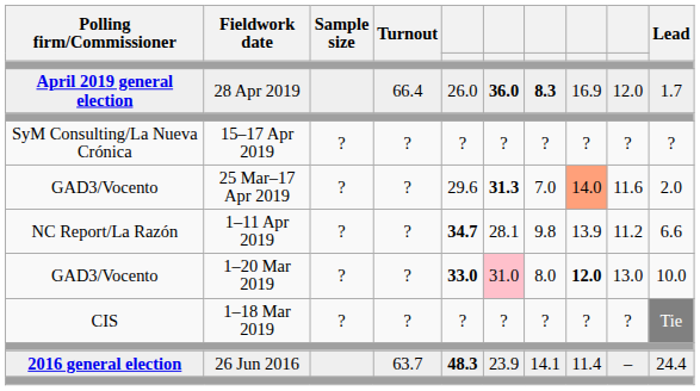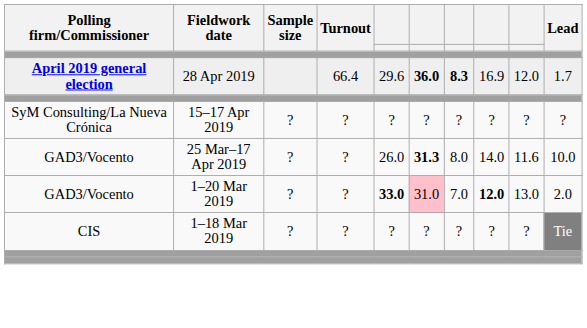 <table class="wikitable collapsible collapsed" style="text-align:center; font-size:95%; line-height:16px;">
 <tr style="height:42px;">
 <th style="width:250px;" rowspan="2">Polling firm/Commissioner</th>
 <th style="width:125px;" rowspan="2">Fieldwork date</th>
 <th style="width:50px;" rowspan="2">Sample size</th>
 <th style="width:45px;" rowspan="2">Turnout</th>
 <th style="width:35px;"></th>
 <th style="width:35px;"></th>
 <th style="width:35px;"></th>
 <th style="width:35px;"></th>
 <th style="width:35px;"></th>
 <th style="width:30px;" rowspan="2">Lead</th>
 </tr>
 <tr>
 <th style="color:inherit;background:"></th>
 <th style="color:inherit;background:"></th>
 <th style="color:inherit;background:"></th>
 <th style="color:inherit;background:"></th>
 <th style="color:inherit;background:"></th>
 </tr>
 <tr>
 <td colspan="10" style="background:#A0A0A0"></td>
 </tr>
 <tr style="background:#EFEFEF;">
 <td><strong><a href='#'>April 2019 general election</a></strong></td>
 <td>28 Apr 2019</td>
 <td></td>
 <td>66.4</td>
-<td>26.0<br></td>
+<td>29.6<br></td>
 <td><strong>36.0</strong><br></td>
 <td><strong>8.3<br></strong></td>
 <td>16.9<br></td>
 <td>12.0<br></td>
 <td style="background:">1.7</td>
 </tr>
 <tr>
 <td colspan="10" style="background:#A0A0A0"></td>
 </tr>
 <tr>
 <td>SyM Consulting/La Nueva Crónica</td>
 <td>15–17 Apr 2019</td>
 <td>?</td>
 <td>?</td>
 <td>?<br></td>
 <td>?<br></td>
 <td>?<br></td>
 <td>?<br></td>
 <td>?<br></td>
 <td style="background:">?</td>
 </tr>
 <tr>
 <td>GAD3/Vocento</td>
 <td>25 Mar–17 Apr 2019</td>
 <td>?</td>
 <td>?</td>
-<td>29.6<br></td>
+<td>26.0<br></td>
 <td><strong>31.3</strong><br></td>
-<td>7.0<br></td>
-<td style="background: lightsalmon;">14.0<br></td>
+<td>8.0<br></td>
+<td>14.0<br></td>
 <td>11.6<br></td>
-<td style="background:">2.0</td>
-</tr>
-<tr>
-<td>NC Report/La Razón</td>
-<td>1–11 Apr 2019</td>
-<td>?</td>
-<td>?</td>
-<td><strong>34.7</strong><br></td>
-<td>28.1<br></td>
-<td>9.8<br></td>
-<td>13.9<br></td>
-<td>11.2<br></td>
-<td style="background:">6.6</td>
+<td style="background:">10.0</td>
 </tr>
 <tr>
 <td>GAD3/Vocento</td>
 <td>1–20 Mar 2019</td>
 <td>?</td>
 <td>?</td>
 <td><strong>33.0</strong><br></td>
 <td style="background: pink;">31.0<br></td>
-<td>8.0<br></td>
+<td>7.0<br></td>
 <td><strong>12.0<br></strong></td>
 <td>13.0<br></td>
-<td style="background:">10.0</td>
+<td style="background:">2.0</td>
 </tr>
 <tr>
 <td>CIS</td>
 <td>1–18 Mar 2019</td>
 <td>?</td>
 <td>?</td>
 <td>?<br></td>
 <td>?<br></td>
 <td>?<br></td>
 <td>?<br></td>
 <td>?<br></td>
 <td style="background:gray;color:white;">Tie</td>
 </tr>
 <tr>
 <td colspan="10" style="background:#A0A0A0"></td>
 </tr>
-<tr style="background:#EFEFEF;">
-<td><strong><a href='#'>2016 general election</a></strong></td>
-<td>26 Jun 2016</td>
-<td></td>
-<td>63.7</td>
-<td><strong>48.3</strong><br></td>
-<td>23.9<br></td>
-<td>14.1<br></td>
-<td>11.4<br></td>
-<td>–</td>
-<td style="background:">24.4</td>
-</tr>
 <tr>
 <td colspan="10" style="background:#A0A0A0"></td>
 </tr>
 </table>
